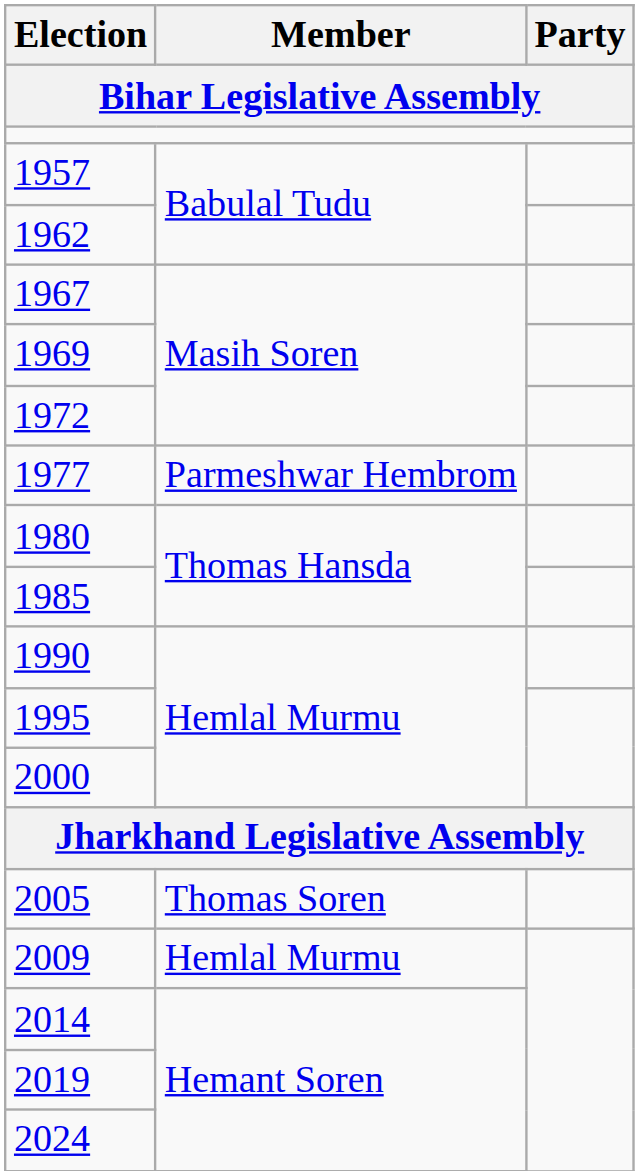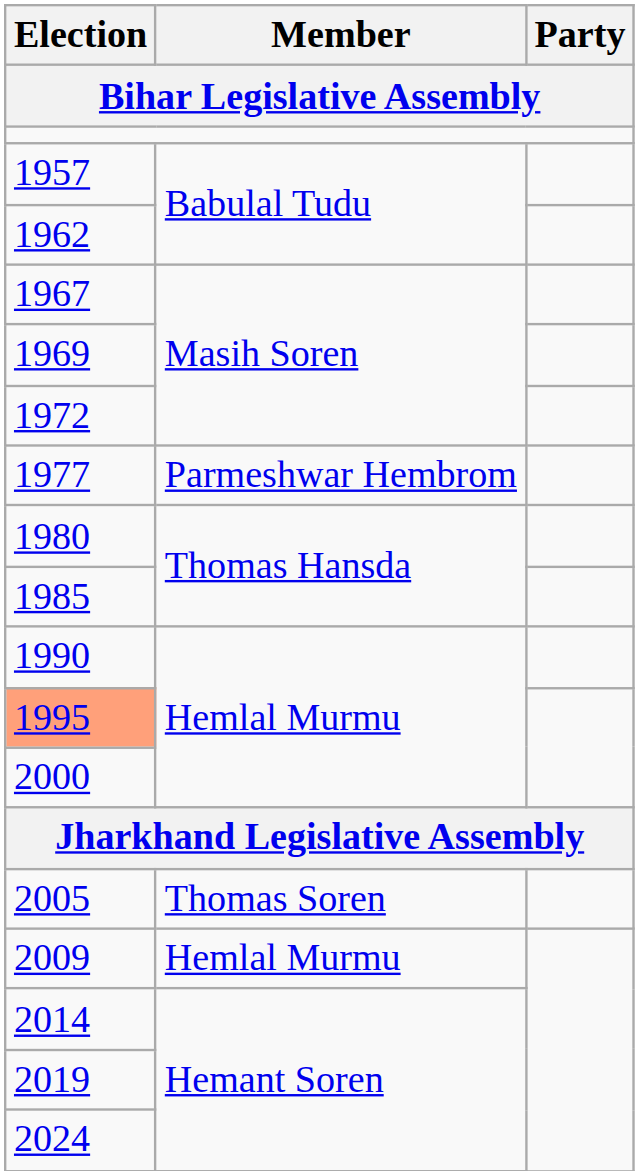 <table class="wikitable sortable">
 <tr>
 <th>Election</th>
 <th>Member</th>
 <th colspan=2>Party</th>
 </tr>
 <tr>
 <th colspan=4><a href='#'>Bihar Legislative Assembly</a></th>
 </tr>
 <tr>
 <td colspan="4"></td>
 </tr>
 <tr>
 <td><a href='#'>1957</a></td>
 <td rowspan=2><a href='#'>Babulal Tudu</a></td>
 <td></td>
 </tr>
 <tr>
 <td><a href='#'>1962</a></td>
 <td></td>
 </tr>
 <tr>
 <td><a href='#'>1967</a></td>
 <td rowspan=3><a href='#'>Masih Soren</a></td>
 <td></td>
 </tr>
 <tr>
 <td><a href='#'>1969</a></td>
 <td></td>
 </tr>
 <tr>
 <td><a href='#'>1972</a></td>
 <td></td>
 </tr>
 <tr>
 <td><a href='#'>1977</a></td>
 <td><a href='#'>Parmeshwar Hembrom</a></td>
 <td></td>
 </tr>
 <tr>
 <td><a href='#'>1980</a></td>
 <td rowspan=2><a href='#'>Thomas Hansda</a></td>
 <td></td>
 </tr>
 <tr>
 <td><a href='#'>1985</a></td>
 </tr>
 <tr>
 <td><a href='#'>1990</a></td>
 <td rowspan=3><a href='#'>Hemlal Murmu</a></td>
 <td></td>
 </tr>
 <tr>
-<td><a href='#'>1995</a></td>
+<td style="background: lightsalmon;"><a href='#'>1995</a></td>
 </tr>
 <tr>
 <td><a href='#'>2000</a></td>
 </tr>
 <tr>
 <th colspan=4><a href='#'>Jharkhand Legislative Assembly</a></th>
 </tr>
 <tr>
 <td><a href='#'>2005</a></td>
 <td><a href='#'>Thomas Soren</a></td>
 <td></td>
 </tr>
 <tr>
 <td><a href='#'>2009</a></td>
 <td><a href='#'>Hemlal Murmu</a></td>
 </tr>
 <tr>
 <td><a href='#'>2014</a></td>
 <td rowspan="3"><a href='#'>Hemant Soren</a></td>
 </tr>
 <tr>
 <td><a href='#'>2019</a></td>
 </tr>
 <tr>
 <td><a href='#'>2024</a></td>
 </tr>
 <tr>
 </tr>
 </table>
